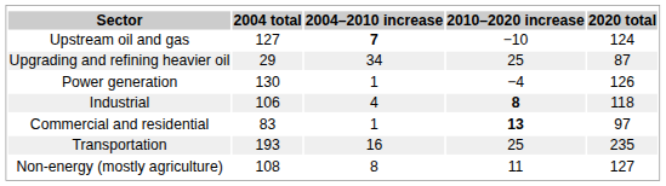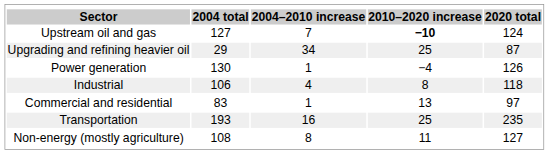 <table border="0" align="center" style="border: 1px solid #999; background-color:#FFFFFF; text-align:center">
 <tr align="center">
 <td colspan=8></td>
 </tr>
 <tr bgcolor="#CCCCCC">
 <td><strong>Sector</strong></td>
 <td><strong>2004 total</strong></td>
 <td><strong>2004–2010 increase</strong></td>
 <td><strong>2010–2020 increase</strong></td>
 <td><strong>2020 total</strong></td>
 </tr>
 <tr>
 <td>Upstream oil and gas</td>
 <td>127</td>
-<td><strong>7</strong></td>
-<td>−10</td>
+<td>7</td>
+<td><strong>−10</strong></td>
 <td>124</td>
 </tr>
 <tr bgcolor="#EFEFEF">
 <td>Upgrading and refining heavier oil</td>
 <td>29</td>
 <td>34</td>
 <td>25</td>
 <td>87</td>
 </tr>
 <tr bgcolor="#EFEFEF">
 </tr>
 <tr>
 <td>Power generation</td>
 <td>130</td>
 <td>1</td>
 <td>−4</td>
 <td>126</td>
 </tr>
 <tr bgcolor="#EFEFEF">
 <td>Industrial</td>
 <td>106</td>
 <td>4</td>
-<td><strong>8</strong></td>
+<td>8</td>
 <td>118</td>
 </tr>
 <tr bgcolor="#EFEFEF">
 </tr>
 <tr>
 <td>Commercial and residential</td>
 <td>83</td>
 <td>1</td>
-<td><strong>13</strong></td>
+<td>13</td>
 <td>97</td>
 </tr>
 <tr bgcolor="#EFEFEF">
 <td>Transportation</td>
 <td>193</td>
 <td>16</td>
 <td>25</td>
 <td>235</td>
 </tr>
 <tr bgcolor="#EFEFEF">
 </tr>
 <tr>
 <td>Non-energy (mostly agriculture)</td>
 <td>108</td>
 <td>8</td>
 <td>11</td>
 <td>127</td>
 </tr>
 <tr bgcolor="#EFEFEF">
 </tr>
 </table>
